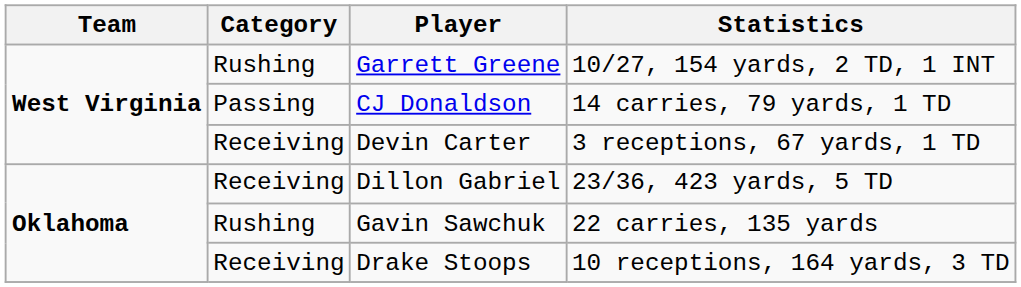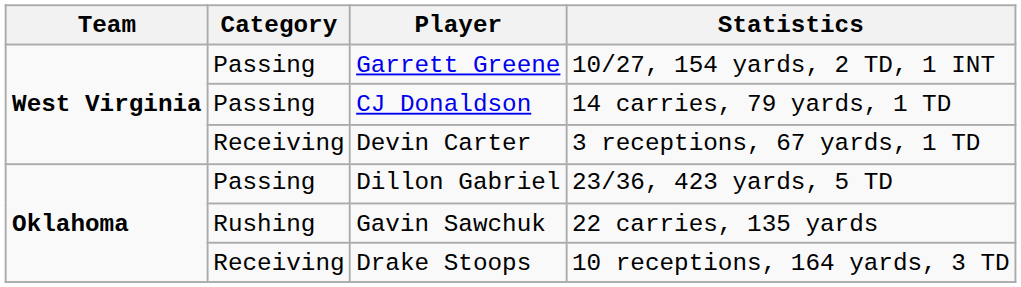 <table class="wikitable" style="float: right;">
 <tr>
 <th>Team</th>
 <th>Category</th>
 <th>Player</th>
 <th>Statistics</th>
 </tr>
 <tr>
 <td rowspan=3><strong>West Virginia</strong></td>
-<td>Rushing</td>
+<td>Passing</td>
 <td><a href='#'>Garrett Greene</a></td>
 <td>10/27, 154 yards, 2 TD, 1 INT</td>
 </tr>
 <tr>
 <td>Passing</td>
 <td><a href='#'>CJ Donaldson</a></td>
 <td>14 carries, 79 yards, 1 TD</td>
 </tr>
 <tr>
 <td>Receiving</td>
 <td>Devin Carter</td>
 <td>3 receptions, 67 yards, 1 TD</td>
 </tr>
 <tr>
 <td rowspan=3><strong>Oklahoma</strong></td>
-<td>Receiving</td>
+<td>Passing</td>
 <td>Dillon Gabriel</td>
 <td>23/36, 423 yards, 5 TD</td>
 </tr>
 <tr>
 <td>Rushing</td>
 <td>Gavin Sawchuk</td>
 <td>22 carries, 135 yards</td>
 </tr>
 <tr>
 <td>Receiving</td>
 <td>Drake Stoops</td>
 <td>10 receptions, 164 yards, 3 TD</td>
 </tr>
 </table>
